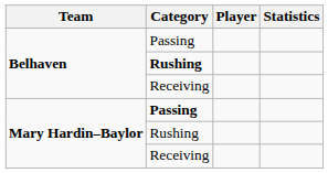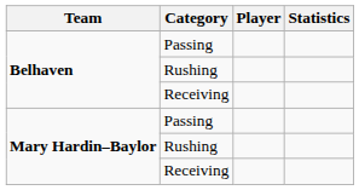 <table class="wikitable" style="float: right;">
 <tr>
 <th>Team</th>
 <th>Category</th>
 <th>Player</th>
 <th>Statistics</th>
 </tr>
 <tr>
 <td rowspan=3><strong>Belhaven</strong></td>
 <td>Passing</td>
 <td></td>
 <td></td>
 </tr>
 <tr>
-<td><strong>Rushing</strong></td>
+<td>Rushing</td>
 <td></td>
 <td></td>
 </tr>
 <tr>
 <td>Receiving</td>
 <td></td>
 <td></td>
 </tr>
 <tr>
 <td rowspan=3><strong>Mary Hardin–Baylor</strong></td>
-<td><strong>Passing</strong></td>
+<td>Passing</td>
 <td></td>
 <td></td>
 </tr>
 <tr>
 <td>Rushing</td>
 <td></td>
 <td></td>
 </tr>
 <tr>
 <td>Receiving</td>
 <td></td>
 <td></td>
 </tr>
 </table>
